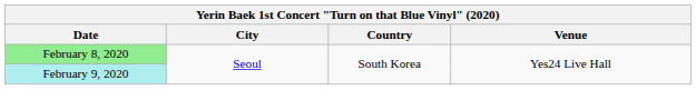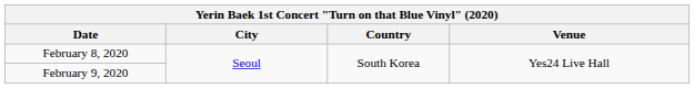 <table class="wikitable" style="text-align:center;">
 <tr>
 <th colspan="4">Yerin Baek 1st Concert "Turn on that Blue Vinyl" (2020)</th>
 </tr>
 <tr>
 <th width="200">Date</th>
 <th width="200">City</th>
 <th width="150">Country</th>
 <th width="300">Venue</th>
 </tr>
 <tr>
-<td style="background: lightgreen;">February 8, 2020</td>
+<td>February 8, 2020</td>
 <td rowspan="2"><a href='#'>Seoul</a></td>
 <td rowspan="2">South Korea</td>
 <td rowspan="2">Yes24 Live Hall</td>
 </tr>
 <tr>
-<td style="background: paleturquoise;">February 9, 2020</td>
+<td>February 9, 2020</td>
 </tr>
 </table>
